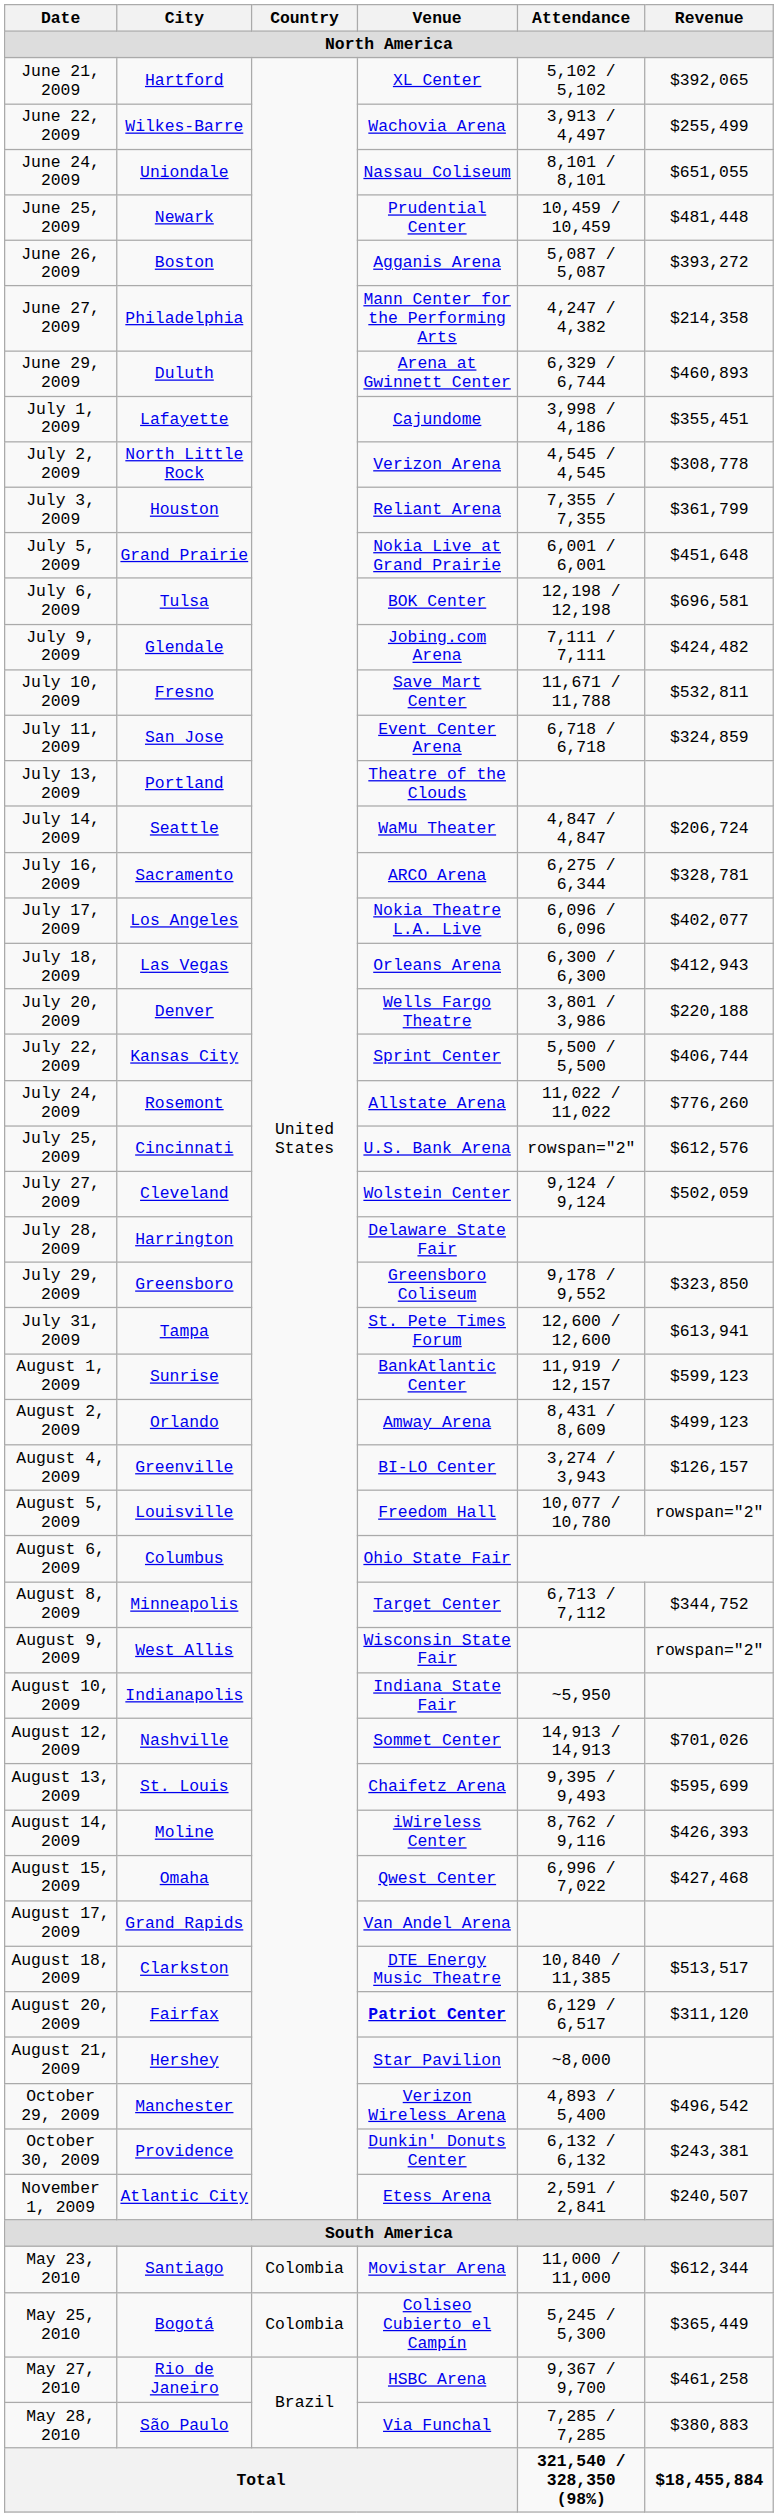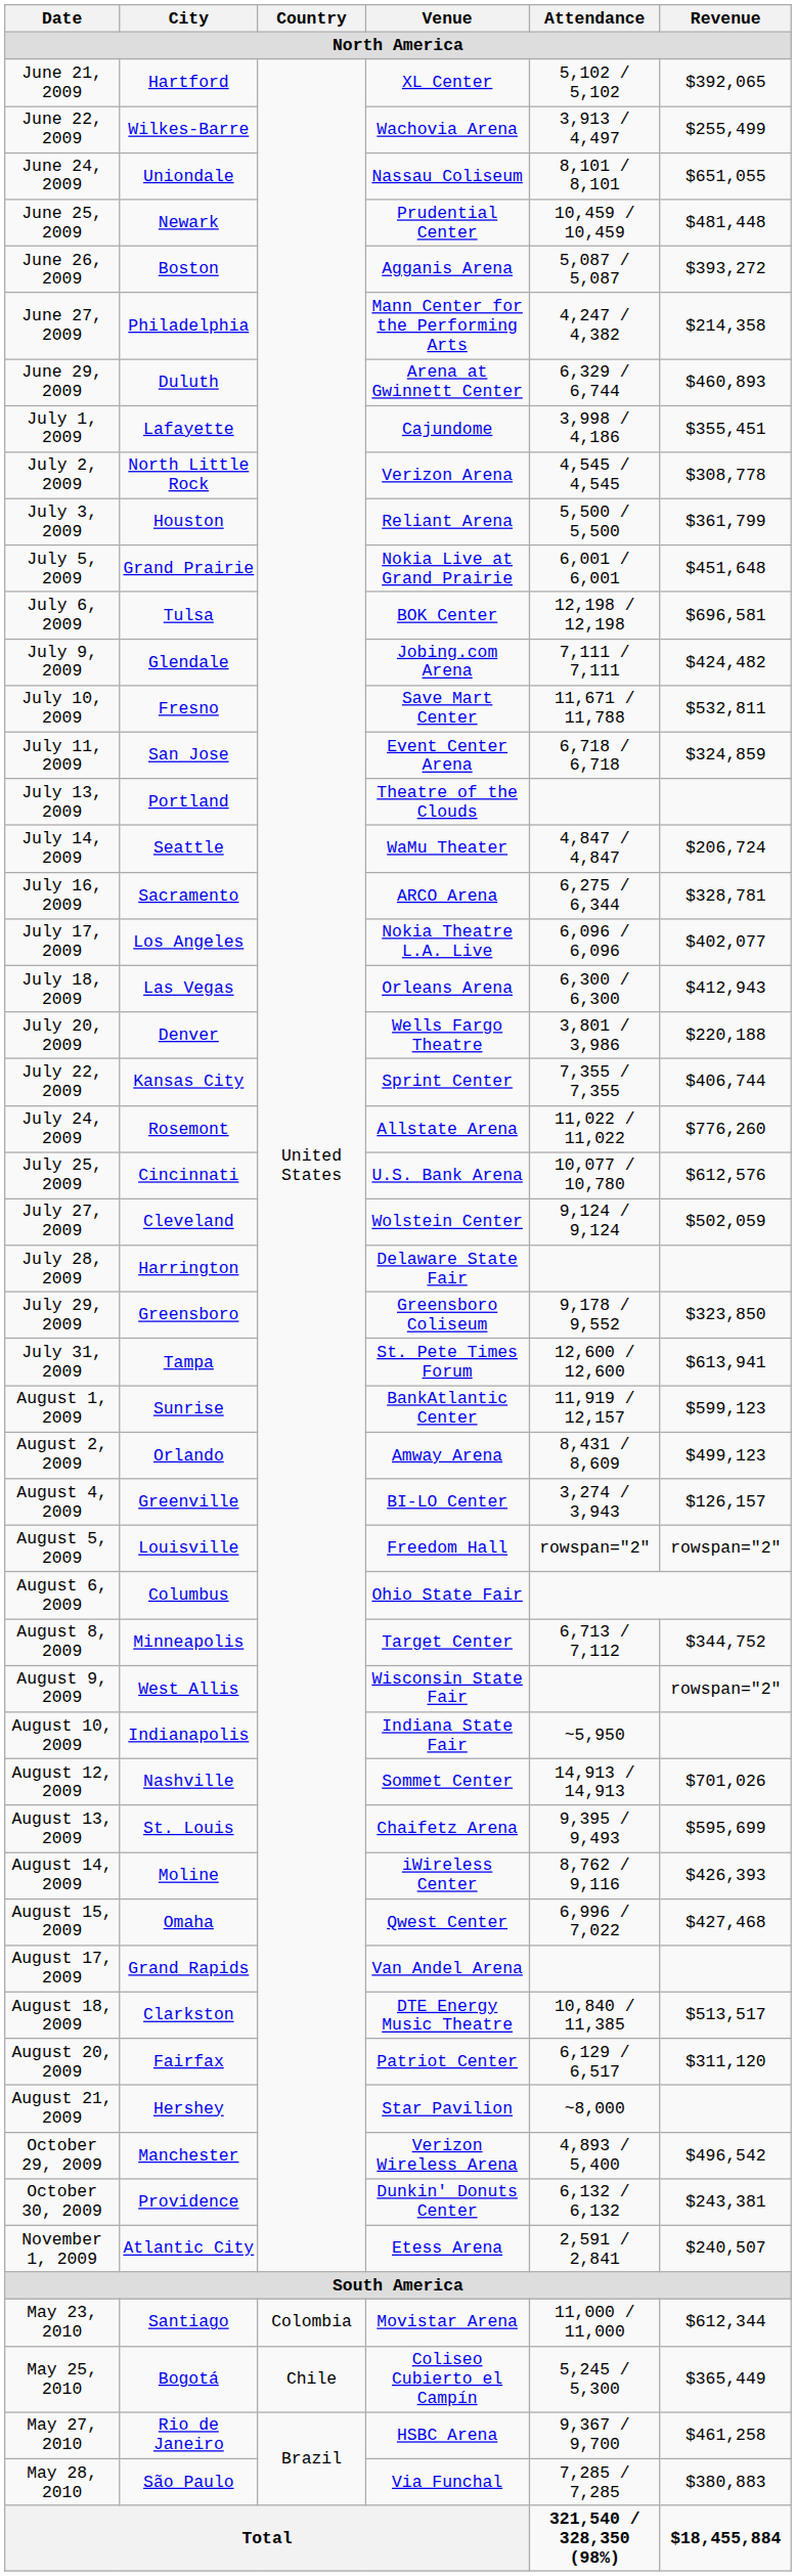 <table class="wikitable" style="text-align:center;">
 <tr>
 <th scope="col" style="width:12em;">Date</th>
 <th scope="col" style="width:10em;">City</th>
 <th scope="col" style="width:10em;">Country</th>
 <th scope="col" style="width:17em;">Venue</th>
 <th scope="col" style="width:10em;">Attendance</th>
 <th scope="col" style="width:10em;">Revenue</th>
 </tr>
 <tr style="background:#ddd;">
 <td colspan="6"><strong>North America</strong></td>
 </tr>
 <tr>
 <td>June 21, 2009</td>
 <td><a href='#'>Hartford</a></td>
 <td rowspan="47">United States</td>
 <td><a href='#'>XL Center</a></td>
 <td>5,102 / 5,102</td>
 <td>$392,065</td>
 </tr>
 <tr>
 <td>June 22, 2009</td>
 <td><a href='#'>Wilkes-Barre</a></td>
 <td><a href='#'>Wachovia Arena</a></td>
 <td>3,913 / 4,497</td>
 <td>$255,499</td>
 </tr>
 <tr>
 <td>June 24, 2009</td>
 <td><a href='#'>Uniondale</a></td>
 <td><a href='#'>Nassau Coliseum</a></td>
 <td>8,101 / 8,101</td>
 <td>$651,055</td>
 </tr>
 <tr>
 <td>June 25, 2009</td>
 <td><a href='#'>Newark</a></td>
 <td><a href='#'>Prudential Center</a></td>
 <td>10,459 / 10,459</td>
 <td>$481,448</td>
 </tr>
 <tr>
 <td>June 26, 2009</td>
 <td><a href='#'>Boston</a></td>
 <td><a href='#'>Agganis Arena</a></td>
 <td>5,087 / 5,087</td>
 <td>$393,272</td>
 </tr>
 <tr>
 <td>June 27, 2009</td>
 <td><a href='#'>Philadelphia</a></td>
 <td><a href='#'>Mann Center for the Performing Arts</a></td>
 <td>4,247 / 4,382</td>
 <td>$214,358</td>
 </tr>
 <tr>
 <td>June 29, 2009</td>
 <td><a href='#'>Duluth</a></td>
 <td><a href='#'>Arena at Gwinnett Center</a></td>
 <td>6,329 / 6,744</td>
 <td>$460,893</td>
 </tr>
 <tr>
 <td>July 1, 2009</td>
 <td><a href='#'>Lafayette</a></td>
 <td><a href='#'>Cajundome</a></td>
 <td>3,998 / 4,186</td>
 <td>$355,451</td>
 </tr>
 <tr>
 <td>July 2, 2009</td>
 <td><a href='#'>North Little Rock</a></td>
 <td><a href='#'>Verizon Arena</a></td>
 <td>4,545 / 4,545</td>
 <td>$308,778</td>
 </tr>
 <tr>
 <td>July 3, 2009</td>
 <td><a href='#'>Houston</a></td>
 <td><a href='#'>Reliant Arena</a></td>
-<td>7,355 / 7,355</td>
+<td>5,500 / 5,500</td>
 <td>$361,799</td>
 </tr>
 <tr>
 <td>July 5, 2009</td>
 <td><a href='#'>Grand Prairie</a></td>
 <td><a href='#'>Nokia Live at Grand Prairie</a></td>
 <td>6,001 / 6,001</td>
 <td>$451,648</td>
 </tr>
 <tr>
 <td>July 6, 2009</td>
 <td><a href='#'>Tulsa</a></td>
 <td><a href='#'>BOK Center</a></td>
 <td>12,198 / 12,198</td>
 <td>$696,581</td>
 </tr>
 <tr>
 <td>July 9, 2009</td>
 <td><a href='#'>Glendale</a></td>
 <td><a href='#'>Jobing.com Arena</a></td>
 <td>7,111 / 7,111</td>
 <td>$424,482</td>
 </tr>
 <tr>
 <td>July 10, 2009</td>
 <td><a href='#'>Fresno</a></td>
 <td><a href='#'>Save Mart Center</a></td>
 <td>11,671 / 11,788</td>
 <td>$532,811</td>
 </tr>
 <tr>
 <td>July 11, 2009</td>
 <td><a href='#'>San Jose</a></td>
 <td><a href='#'>Event Center Arena</a></td>
 <td>6,718 / 6,718</td>
 <td>$324,859</td>
 </tr>
 <tr>
 <td>July 13, 2009</td>
 <td><a href='#'>Portland</a></td>
 <td><a href='#'>Theatre of the Clouds</a></td>
 <td></td>
 <td></td>
 </tr>
 <tr>
 <td>July 14, 2009</td>
 <td><a href='#'>Seattle</a></td>
 <td><a href='#'>WaMu Theater</a></td>
 <td>4,847 / 4,847</td>
 <td>$206,724</td>
 </tr>
 <tr>
 <td>July 16, 2009</td>
 <td><a href='#'>Sacramento</a></td>
 <td><a href='#'>ARCO Arena</a></td>
 <td>6,275 / 6,344</td>
 <td>$328,781</td>
 </tr>
 <tr>
 <td>July 17, 2009</td>
 <td><a href='#'>Los Angeles</a></td>
 <td><a href='#'>Nokia Theatre L.A. Live</a></td>
 <td>6,096 / 6,096</td>
 <td>$402,077</td>
 </tr>
 <tr>
 <td>July 18, 2009</td>
 <td><a href='#'>Las Vegas</a></td>
 <td><a href='#'>Orleans Arena</a></td>
 <td>6,300 / 6,300</td>
 <td>$412,943</td>
 </tr>
 <tr>
 <td>July 20, 2009</td>
 <td><a href='#'>Denver</a></td>
 <td><a href='#'>Wells Fargo Theatre</a></td>
 <td>3,801 / 3,986</td>
 <td>$220,188</td>
 </tr>
 <tr>
 <td>July 22, 2009</td>
 <td><a href='#'>Kansas City</a></td>
 <td><a href='#'>Sprint Center</a></td>
-<td>5,500 / 5,500</td>
+<td>7,355 / 7,355</td>
 <td>$406,744</td>
 </tr>
 <tr>
 <td>July 24, 2009</td>
 <td><a href='#'>Rosemont</a></td>
 <td><a href='#'>Allstate Arena</a></td>
 <td>11,022 / 11,022</td>
 <td>$776,260</td>
 </tr>
 <tr>
 <td>July 25, 2009</td>
 <td><a href='#'>Cincinnati</a></td>
 <td><a href='#'>U.S. Bank Arena</a></td>
-<td>rowspan="2" </td>
+<td>10,077 / 10,780</td>
 <td>$612,576</td>
 </tr>
 <tr>
 <td>July 27, 2009</td>
 <td><a href='#'>Cleveland</a></td>
 <td><a href='#'>Wolstein Center</a></td>
 <td>9,124 / 9,124</td>
 <td>$502,059</td>
 </tr>
 <tr>
 <td>July 28, 2009</td>
 <td><a href='#'>Harrington</a></td>
 <td><a href='#'>Delaware State Fair</a></td>
 <td></td>
 <td></td>
 </tr>
 <tr>
 <td>July 29, 2009</td>
 <td><a href='#'>Greensboro</a></td>
 <td><a href='#'>Greensboro Coliseum</a></td>
 <td>9,178 / 9,552</td>
 <td>$323,850</td>
 </tr>
 <tr>
 <td>July 31, 2009</td>
 <td><a href='#'>Tampa</a></td>
 <td><a href='#'>St. Pete Times Forum</a></td>
 <td>12,600 / 12,600</td>
 <td>$613,941</td>
 </tr>
 <tr>
 <td>August 1, 2009</td>
 <td><a href='#'>Sunrise</a></td>
 <td><a href='#'>BankAtlantic Center</a></td>
 <td>11,919 / 12,157</td>
 <td>$599,123</td>
 </tr>
 <tr>
 <td>August 2, 2009</td>
 <td><a href='#'>Orlando</a></td>
 <td><a href='#'>Amway Arena</a></td>
 <td>8,431 / 8,609</td>
 <td>$499,123</td>
 </tr>
 <tr>
 <td>August 4, 2009</td>
 <td><a href='#'>Greenville</a></td>
 <td><a href='#'>BI-LO Center</a></td>
 <td>3,274 / 3,943</td>
 <td>$126,157</td>
 </tr>
 <tr>
 <td>August 5, 2009</td>
 <td><a href='#'>Louisville</a></td>
 <td><a href='#'>Freedom Hall</a></td>
-<td>10,077 / 10,780</td>
+<td>rowspan="2" </td>
 <td>rowspan="2" </td>
 </tr>
 <tr>
 <td>August 6, 2009</td>
 <td><a href='#'>Columbus</a></td>
 <td><a href='#'>Ohio State Fair</a></td>
 </tr>
 <tr>
 <td>August 8, 2009</td>
 <td><a href='#'>Minneapolis</a></td>
 <td><a href='#'>Target Center</a></td>
 <td>6,713 / 7,112</td>
 <td>$344,752</td>
 </tr>
 <tr>
 <td>August 9, 2009</td>
 <td><a href='#'>West Allis</a></td>
 <td><a href='#'>Wisconsin State Fair</a></td>
 <td></td>
 <td>rowspan="2" </td>
 </tr>
 <tr>
 <td>August 10, 2009</td>
 <td><a href='#'>Indianapolis</a></td>
 <td><a href='#'>Indiana State Fair</a></td>
 <td>~5,950</td>
 </tr>
 <tr>
 <td>August 12, 2009</td>
 <td><a href='#'>Nashville</a></td>
 <td><a href='#'>Sommet Center</a></td>
 <td>14,913 / 14,913</td>
 <td>$701,026</td>
 </tr>
 <tr>
 <td>August 13, 2009</td>
 <td><a href='#'>St. Louis</a></td>
 <td><a href='#'>Chaifetz Arena</a></td>
 <td>9,395 / 9,493</td>
 <td>$595,699</td>
 </tr>
 <tr>
 <td>August 14, 2009</td>
 <td><a href='#'>Moline</a></td>
 <td><a href='#'>iWireless Center</a></td>
 <td>8,762 / 9,116</td>
 <td>$426,393</td>
 </tr>
 <tr>
 <td>August 15, 2009</td>
 <td><a href='#'>Omaha</a></td>
 <td><a href='#'>Qwest Center</a></td>
 <td>6,996 / 7,022</td>
 <td>$427,468</td>
 </tr>
 <tr>
 <td>August 17, 2009</td>
 <td><a href='#'>Grand Rapids</a></td>
 <td><a href='#'>Van Andel Arena</a></td>
 <td></td>
 <td></td>
 </tr>
 <tr>
 <td>August 18, 2009</td>
 <td><a href='#'>Clarkston</a></td>
 <td><a href='#'>DTE Energy Music Theatre</a></td>
 <td>10,840 / 11,385</td>
 <td>$513,517</td>
 </tr>
 <tr>
 <td>August 20, 2009</td>
 <td><a href='#'>Fairfax</a></td>
-<td><strong><a href='#'>Patriot Center</a></strong></td>
+<td><a href='#'>Patriot Center</a></td>
 <td>6,129 / 6,517</td>
 <td>$311,120</td>
 </tr>
 <tr>
 <td>August 21, 2009</td>
 <td><a href='#'>Hershey</a></td>
 <td><a href='#'>Star Pavilion</a></td>
 <td>~8,000</td>
 <td></td>
 </tr>
 <tr>
 <td>October 29, 2009</td>
 <td><a href='#'>Manchester</a></td>
 <td><a href='#'>Verizon Wireless Arena</a></td>
 <td>4,893 / 5,400</td>
 <td>$496,542</td>
 </tr>
 <tr>
 <td>October 30, 2009</td>
 <td><a href='#'>Providence</a></td>
 <td><a href='#'>Dunkin' Donuts Center</a></td>
 <td>6,132 / 6,132</td>
 <td>$243,381</td>
 </tr>
 <tr>
 <td>November 1, 2009</td>
 <td><a href='#'>Atlantic City</a></td>
 <td><a href='#'>Etess Arena</a></td>
 <td>2,591 / 2,841</td>
 <td>$240,507</td>
 </tr>
 <tr style="background:#ddd;">
 <td colspan="6"><strong>South America</strong></td>
 </tr>
 <tr>
 <td>May 23, 2010</td>
 <td><a href='#'>Santiago</a></td>
 <td>Colombia</td>
 <td><a href='#'>Movistar Arena</a></td>
 <td>11,000 / 11,000</td>
 <td>$612,344</td>
 </tr>
 <tr>
 <td>May 25, 2010</td>
 <td><a href='#'>Bogotá</a></td>
-<td>Colombia</td>
+<td>Chile</td>
 <td><a href='#'>Coliseo Cubierto el Campín</a></td>
 <td>5,245 / 5,300</td>
 <td>$365,449</td>
 </tr>
 <tr>
 <td>May 27, 2010</td>
 <td><a href='#'>Rio de Janeiro</a></td>
 <td rowspan="2">Brazil</td>
 <td><a href='#'>HSBC Arena</a></td>
 <td>9,367 / 9,700</td>
 <td>$461,258</td>
 </tr>
 <tr>
 <td>May 28, 2010</td>
 <td><a href='#'>São Paulo</a></td>
 <td><a href='#'>Via Funchal</a></td>
 <td>7,285 / 7,285</td>
 <td>$380,883</td>
 </tr>
 <tr>
 <th colspan="4"><strong>Total</strong></th>
 <td><strong>321,540 / 328,350</strong> <strong>(98%)</strong></td>
 <td><strong>$18,455,884</strong></td>
 </tr>
 </table>
